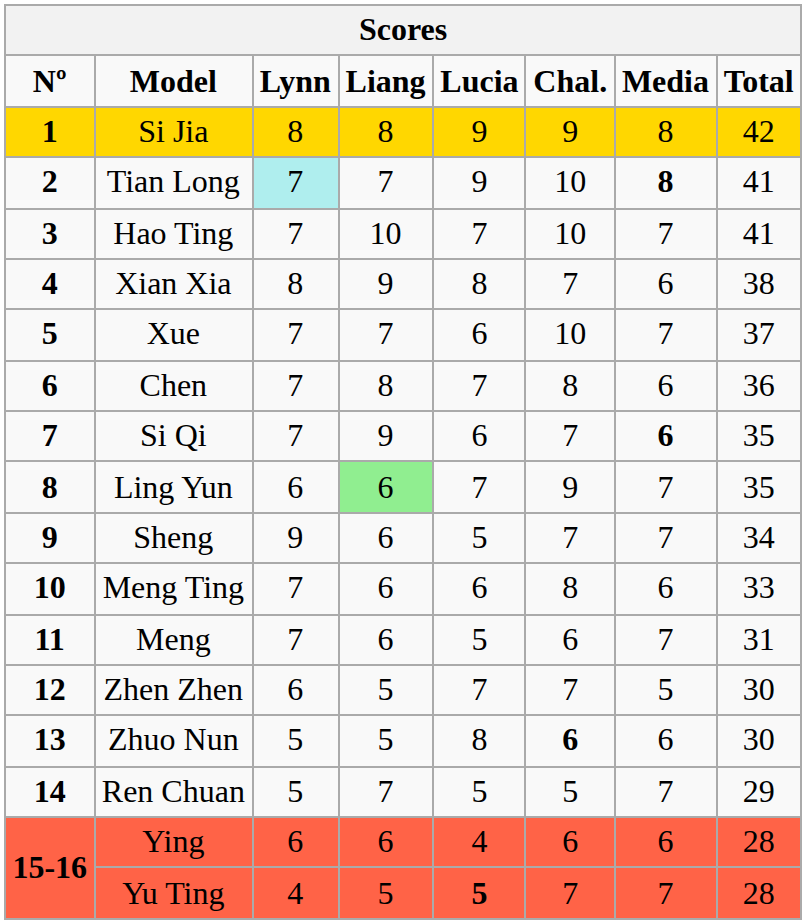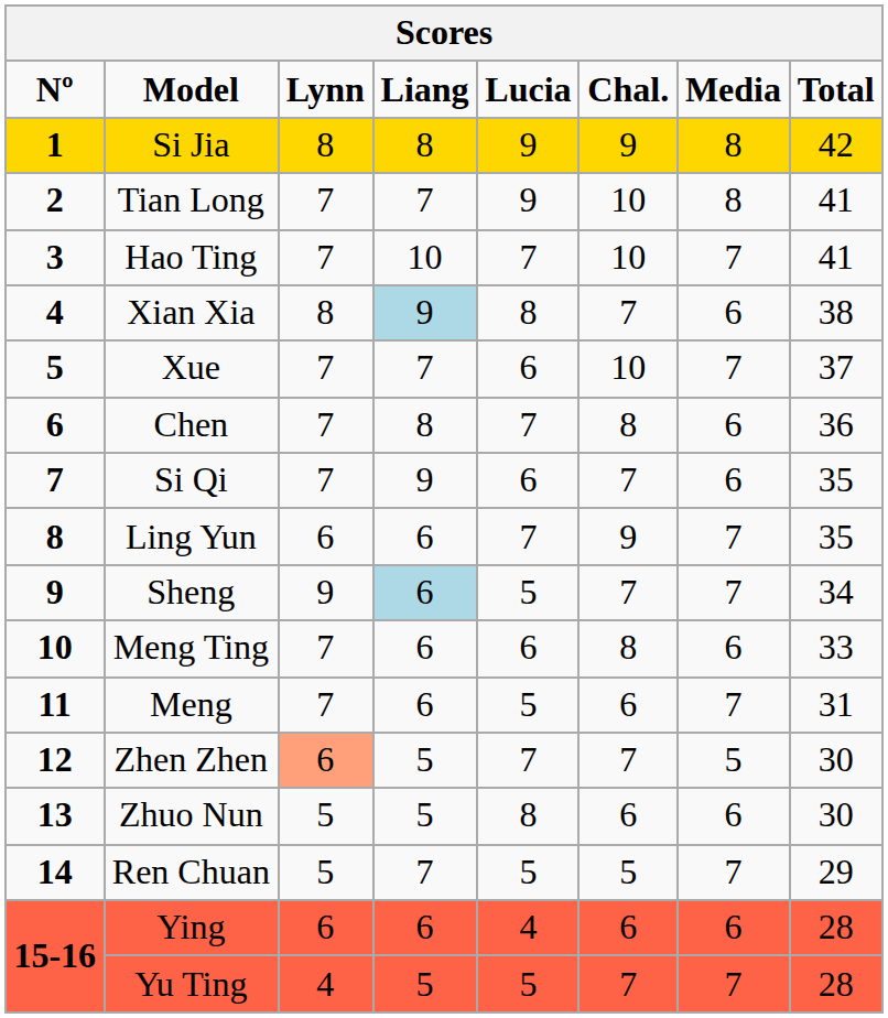 <table class="wikitable collapsible autocollapse" style="text-align:center;">
 <tr>
 <th colspan="8">Scores</th>
 </tr>
 <tr>
 <td><strong>Nº</strong></td>
 <td><strong>Model</strong></td>
 <td><strong>Lynn</strong></td>
 <td><strong>Liang</strong></td>
 <td><strong>Lucia</strong></td>
 <td><strong>Chal.</strong></td>
 <td><strong>Media</strong></td>
 <td><strong>Total</strong></td>
 </tr>
 <tr>
 <td style="background:gold"><strong>1</strong></td>
 <td style="background:gold">Si Jia</td>
 <td style="background:gold">8</td>
 <td style="background:gold">8</td>
 <td style="background:gold">9</td>
 <td style="background:gold">9</td>
 <td style="background:gold">8</td>
 <td style="background:gold">42</td>
 </tr>
 <tr>
 <td><strong>2</strong></td>
 <td>Tian Long</td>
-<td style="background: paleturquoise;">7</td>
+<td>7</td>
 <td>7</td>
 <td>9</td>
 <td>10</td>
-<td><strong>8</strong></td>
+<td>8</td>
 <td>41</td>
 </tr>
 <tr>
 <td><strong>3</strong></td>
 <td>Hao Ting</td>
 <td>7</td>
 <td>10</td>
 <td>7</td>
 <td>10</td>
 <td>7</td>
 <td>41</td>
 </tr>
 <tr>
 <td><strong>4</strong></td>
 <td>Xian Xia</td>
 <td>8</td>
-<td>9</td>
+<td style="background: lightblue;">9</td>
 <td>8</td>
 <td>7</td>
 <td>6</td>
 <td>38</td>
 </tr>
 <tr>
 <td><strong>5</strong></td>
 <td>Xue</td>
 <td>7</td>
 <td>7</td>
 <td>6</td>
 <td>10</td>
 <td>7</td>
 <td>37</td>
 </tr>
 <tr>
 <td><strong>6</strong></td>
 <td>Chen</td>
 <td>7</td>
 <td>8</td>
 <td>7</td>
 <td>8</td>
 <td>6</td>
 <td>36</td>
 </tr>
 <tr>
 <td><strong>7</strong></td>
 <td>Si Qi</td>
 <td>7</td>
 <td>9</td>
 <td>6</td>
 <td>7</td>
-<td><strong>6</strong></td>
+<td>6</td>
 <td>35</td>
 </tr>
 <tr>
 <td><strong>8</strong></td>
 <td>Ling Yun</td>
 <td>6</td>
-<td style="background: lightgreen;">6</td>
+<td>6</td>
 <td>7</td>
 <td>9</td>
 <td>7</td>
 <td>35</td>
 </tr>
 <tr>
 <td><strong>9</strong></td>
 <td>Sheng</td>
 <td>9</td>
-<td>6</td>
+<td style="background: lightblue;">6</td>
 <td>5</td>
 <td>7</td>
 <td>7</td>
 <td>34</td>
 </tr>
 <tr>
 <td><strong>10</strong></td>
 <td>Meng Ting</td>
 <td>7</td>
 <td>6</td>
 <td>6</td>
 <td>8</td>
 <td>6</td>
 <td>33</td>
 </tr>
 <tr>
 <td><strong>11</strong></td>
 <td>Meng</td>
 <td>7</td>
 <td>6</td>
 <td>5</td>
 <td>6</td>
 <td>7</td>
 <td>31</td>
 </tr>
 <tr>
 <td><strong>12</strong></td>
 <td>Zhen Zhen</td>
-<td>6</td>
+<td style="background: lightsalmon;">6</td>
 <td>5</td>
 <td>7</td>
 <td>7</td>
 <td>5</td>
 <td>30</td>
 </tr>
 <tr>
 <td><strong>13</strong></td>
 <td>Zhuo Nun</td>
 <td>5</td>
 <td>5</td>
 <td>8</td>
-<td><strong>6</strong></td>
+<td>6</td>
 <td>6</td>
 <td>30</td>
 </tr>
 <tr>
 <td><strong>14</strong></td>
 <td>Ren Chuan</td>
 <td>5</td>
 <td>7</td>
 <td>5</td>
 <td>5</td>
 <td>7</td>
 <td>29</td>
 </tr>
 <tr>
 <td rowspan=2 style="background:tomato"><strong>15-16</strong></td>
 <td style="background:tomato">Ying</td>
 <td style="background:tomato">6</td>
 <td style="background:tomato">6</td>
 <td style="background:tomato">4</td>
 <td style="background:tomato">6</td>
 <td style="background:tomato">6</td>
 <td style="background:tomato">28</td>
 </tr>
 <tr>
 <td style="background:tomato">Yu Ting</td>
 <td style="background:tomato">4</td>
 <td style="background:tomato">5</td>
-<td style="background:tomato"><strong>5</strong></td>
+<td style="background:tomato">5</td>
 <td style="background:tomato">7</td>
 <td style="background:tomato">7</td>
 <td style="background:tomato">28</td>
 </tr>
 </table>
